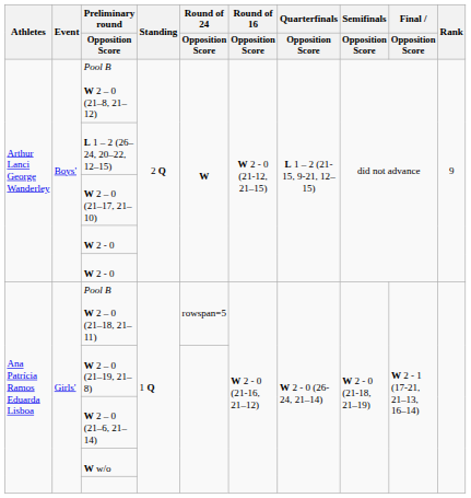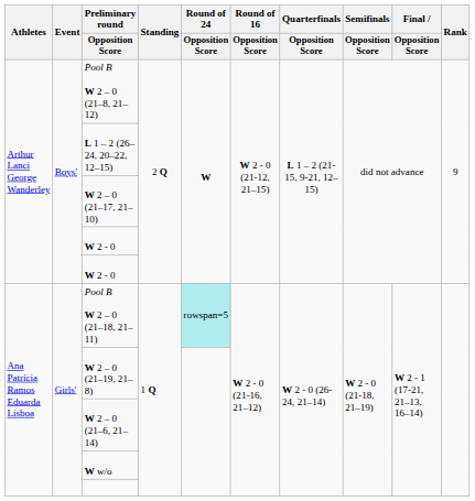 <table class=wikitable style="font-size:90%">
 <tr>
 <th rowspan="2">Athletes</th>
 <th rowspan="2">Event</th>
 <th>Preliminary round</th>
 <th rowspan="2">Standing</th>
 <th>Round of 24</th>
 <th>Round of 16</th>
 <th>Quarterfinals</th>
 <th>Semifinals</th>
 <th>Final / </th>
 <th rowspan=2>Rank</th>
 </tr>
 <tr style="font-size:95%">
 <th>Opposition<br>Score</th>
 <th>Opposition<br>Score</th>
 <th>Opposition<br>Score</th>
 <th>Opposition<br>Score</th>
 <th>Opposition<br>Score</th>
 <th>Opposition<br>Score</th>
 </tr>
 <tr align=center>
 <td align=left rowspan=5><a href='#'>Arthur Lanci</a><br><a href='#'>George Wanderley</a></td>
 <td align=left rowspan=5><a href='#'>Boys'</a></td>
 <td align=left><em>Pool B</em><br><br><strong>W</strong> 2 – 0 (21–8, 21–12)</td>
 <td rowspan=5>2 <strong>Q</strong></td>
 <td rowspan=5><br><strong>W</strong></td>
 <td rowspan=5><br><strong>W</strong> 2 - 0 (21-12, 21–15)</td>
 <td rowspan=5><br><strong>L</strong> 1 – 2 (21-15, 9-21, 12–15)</td>
 <td rowspan=5 colspan=2>did not advance</td>
 <td rowspan=5>9</td>
 </tr>
 <tr align=left>
 <td><br><strong>L</strong> 1 – 2 (26–24, 20–22, 12–15)</td>
 </tr>
 <tr align=left>
 <td><br><strong>W</strong> 2 – 0 (21–17, 21–10)</td>
 </tr>
 <tr align=left>
 <td><br><strong>W</strong> 2 - 0</td>
 </tr>
 <tr align=left>
 <td><br><strong>W</strong> 2 - 0</td>
 </tr>
 <tr align=left>
 <td align=left rowspan=5><a href='#'>Ana Patrícia Ramos</a><br><a href='#'>Eduarda Lisboa</a></td>
 <td align=left rowspan=5><a href='#'>Girls'</a></td>
 <td align=left><em>Pool B</em><br><br><strong>W</strong> 2 – 0 (21–18, 21–11)</td>
 <td rowspan=5>1 <strong>Q</strong></td>
-<td>rowspan=5 </td>
+<td style="background: paleturquoise;">rowspan=5 </td>
 <td rowspan=5><br><strong>W</strong> 2 - 0 (21-16, 21–12)</td>
 <td rowspan=5><br><strong>W</strong> 2 - 0 (26-24, 21–14)</td>
 <td rowspan=5><br><strong>W</strong> 2 - 0 (21-18, 21–19)</td>
 <td rowspan=5><br><strong>W</strong> 2 - 1 (17-21, 21–13, 16–14)</td>
 <td rowspan=5></td>
 </tr>
 <tr align=left>
 <td><br><strong>W</strong> 2 – 0 (21–19, 21–8)</td>
 </tr>
 <tr align=left>
 <td><br><strong>W</strong> 2 – 0 (21–6, 21–14)</td>
 </tr>
 <tr align=left>
 <td><br><strong>W</strong> w/o</td>
 </tr>
 <tr align=left>
 <td><br></td>
 </tr>
 </table>
